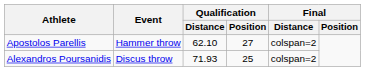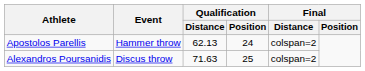 <table class=wikitable style=font-size:90%>
 <tr>
 <th rowspan=2>Athlete</th>
 <th rowspan=2>Event</th>
 <th colspan=2>Qualification</th>
 <th colspan=2>Final</th>
 </tr>
 <tr style=font-size:95%>
 <th>Distance</th>
 <th>Position</th>
 <th>Distance</th>
 <th>Position</th>
 </tr>
 <tr align=center>
 <td align=left><a href='#'>Apostolos Parellis</a></td>
 <td align=left><a href='#'>Hammer throw</a></td>
-<td>62.10 </td>
-<td>27</td>
+<td>62.13 </td>
+<td>24</td>
 <td>colspan=2 </td>
 </tr>
 <tr align=center>
 <td align=left><a href='#'>Alexandros Poursanidis</a></td>
 <td align=left><a href='#'>Discus throw</a></td>
-<td>71.93</td>
+<td>71.63</td>
 <td>25</td>
 <td>colspan=2 </td>
 </tr>
 </table>
